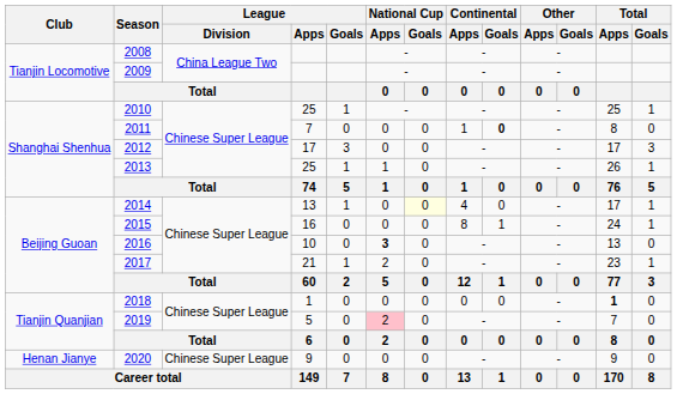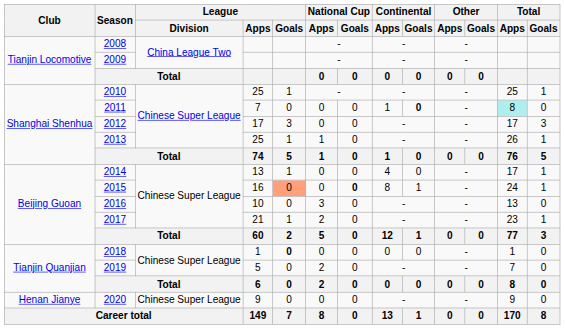 <table class="wikitable" style="text-align: center">
 <tr>
 <th rowspan="2">Club</th>
 <th rowspan="2">Season</th>
 <th colspan="3">League</th>
 <th colspan="2">National Cup</th>
 <th colspan="2">Continental</th>
 <th colspan="2">Other</th>
 <th colspan="2">Total</th>
 </tr>
 <tr>
 <th>Division</th>
 <th>Apps</th>
 <th>Goals</th>
 <th>Apps</th>
 <th>Goals</th>
 <th>Apps</th>
 <th>Goals</th>
 <th>Apps</th>
 <th>Goals</th>
 <th>Apps</th>
 <th>Goals</th>
 </tr>
 <tr>
 <td rowspan=3><a href='#'>Tianjin Locomotive</a></td>
 <td><a href='#'>2008</a></td>
 <td rowspan=2><a href='#'>China League Two</a></td>
 <td></td>
 <td></td>
 <td colspan="2">-</td>
 <td colspan="2">-</td>
 <td colspan="2">-</td>
 <td></td>
 <td></td>
 </tr>
 <tr>
 <td><a href='#'>2009</a></td>
 <td></td>
 <td></td>
 <td colspan="2">-</td>
 <td colspan="2">-</td>
 <td colspan="2">-</td>
 <td></td>
 <td></td>
 </tr>
 <tr>
 <th colspan=2>Total</th>
 <th></th>
 <th></th>
 <th>0</th>
 <th>0</th>
 <th>0</th>
 <th>0</th>
 <th>0</th>
 <th>0</th>
 <th></th>
 <th></th>
 </tr>
 <tr>
 <td rowspan=5><a href='#'>Shanghai Shenhua</a></td>
 <td><a href='#'>2010</a></td>
 <td rowspan=4><a href='#'>Chinese Super League</a></td>
 <td>25</td>
 <td>1</td>
 <td colspan="2">-</td>
 <td colspan="2">-</td>
 <td colspan="2">-</td>
 <td>25</td>
 <td>1</td>
 </tr>
 <tr>
 <td><a href='#'>2011</a></td>
 <td>7</td>
 <td>0</td>
 <td>0</td>
 <td>0</td>
 <td>1</td>
 <td><strong>0</strong></td>
 <td colspan="2">-</td>
-<td>8</td>
+<td style="background: paleturquoise;">8</td>
 <td>0</td>
 </tr>
 <tr>
 <td><a href='#'>2012</a></td>
 <td>17</td>
 <td>3</td>
 <td>0</td>
 <td>0</td>
 <td colspan="2">-</td>
 <td colspan="2">-</td>
 <td>17</td>
 <td>3</td>
 </tr>
 <tr>
 <td><a href='#'>2013</a></td>
 <td>25</td>
 <td>1</td>
 <td>1</td>
 <td>0</td>
 <td colspan="2">-</td>
 <td colspan="2">-</td>
 <td>26</td>
 <td>1</td>
 </tr>
 <tr>
 <th colspan=2>Total</th>
 <th>74</th>
 <th>5</th>
 <th>1</th>
 <th>0</th>
 <th>1</th>
 <th>0</th>
 <th>0</th>
 <th>0</th>
 <th>76</th>
 <th>5</th>
 </tr>
 <tr>
 <td rowspan=5><a href='#'>Beijing Guoan</a></td>
 <td><a href='#'>2014</a></td>
 <td rowspan=4>Chinese Super League</td>
 <td>13</td>
 <td>1</td>
 <td>0</td>
-<td style="background: lightyellow;">0</td>
+<td>0</td>
 <td>4</td>
 <td>0</td>
 <td colspan="2">-</td>
 <td>17</td>
 <td>1</td>
 </tr>
 <tr>
 <td><a href='#'>2015</a></td>
 <td>16</td>
+<td style="background: lightsalmon;">0</td>
 <td>0</td>
-<td>0</td>
-<td>0</td>
+<td><strong>0</strong></td>
 <td>8</td>
 <td>1</td>
 <td colspan="2">-</td>
 <td>24</td>
 <td>1</td>
 </tr>
 <tr>
 <td><a href='#'>2016</a></td>
 <td>10</td>
 <td>0</td>
-<td><strong>3</strong></td>
+<td>3</td>
 <td>0</td>
 <td colspan="2">-</td>
 <td colspan="2">-</td>
 <td>13</td>
 <td>0</td>
 </tr>
 <tr>
 <td><a href='#'>2017</a></td>
 <td>21</td>
 <td>1</td>
 <td>2</td>
 <td>0</td>
 <td colspan="2">-</td>
 <td colspan="2">-</td>
 <td>23</td>
 <td>1</td>
 </tr>
 <tr>
 <th colspan=2>Total</th>
 <th>60</th>
 <th>2</th>
 <th>5</th>
 <th>0</th>
 <th>12</th>
 <th>1</th>
 <th>0</th>
 <th>0</th>
 <th>77</th>
 <th>3</th>
 </tr>
 <tr>
 <td rowspan=3><a href='#'>Tianjin Quanjian</a></td>
 <td><a href='#'>2018</a></td>
 <td rowspan=2>Chinese Super League</td>
 <td>1</td>
-<td>0</td>
+<td><strong>0</strong></td>
 <td>0</td>
 <td>0</td>
 <td>0</td>
 <td>0</td>
 <td colspan="2">-</td>
-<td><strong>1</strong></td>
+<td>1</td>
 <td>0</td>
 </tr>
 <tr>
 <td><a href='#'>2019</a></td>
 <td>5</td>
 <td>0</td>
-<td style="background: pink;">2</td>
+<td>2</td>
 <td>0</td>
 <td colspan="2">-</td>
 <td colspan="2">-</td>
 <td>7</td>
 <td>0</td>
 </tr>
 <tr>
 <th colspan=2>Total</th>
 <th>6</th>
 <th>0</th>
 <th>2</th>
 <th>0</th>
 <th>0</th>
 <th>0</th>
 <th>0</th>
 <th>0</th>
 <th>8</th>
 <th>0</th>
 </tr>
 <tr>
 <td><a href='#'>Henan Jianye</a></td>
 <td><a href='#'>2020</a></td>
 <td>Chinese Super League</td>
 <td>9</td>
 <td>0</td>
 <td>0</td>
 <td>0</td>
 <td colspan="2">-</td>
 <td colspan="2">-</td>
 <td>9</td>
 <td>0</td>
 </tr>
 <tr>
 <th colspan=3>Career total</th>
 <th>149</th>
 <th>7</th>
 <th>8</th>
 <th>0</th>
 <th>13</th>
 <th>1</th>
 <th>0</th>
 <th>0</th>
 <th>170</th>
 <th>8</th>
 </tr>
 </table>
